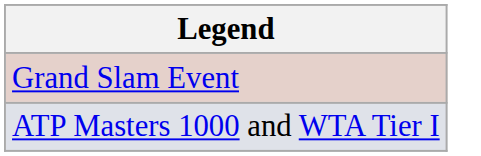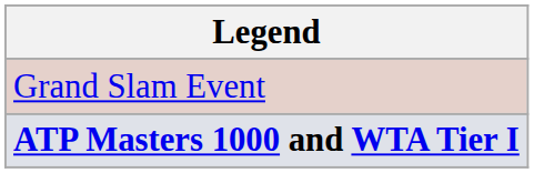 <table class="wikitable">
 <tr>
 <th>Legend</th>
 </tr>
 <tr style=background:#e5d1cb;>
 <td><a href='#'>Grand Slam Event</a></td>
 </tr>
 <tr style=background:#dfe2e9;>
-<td><a href='#'>ATP Masters 1000</a> and <a href='#'>WTA Tier I</a></td>
+<td><strong><a href='#'>ATP Masters 1000</a> and <a href='#'>WTA Tier I</a></strong></td>
 </tr>
 </table>
